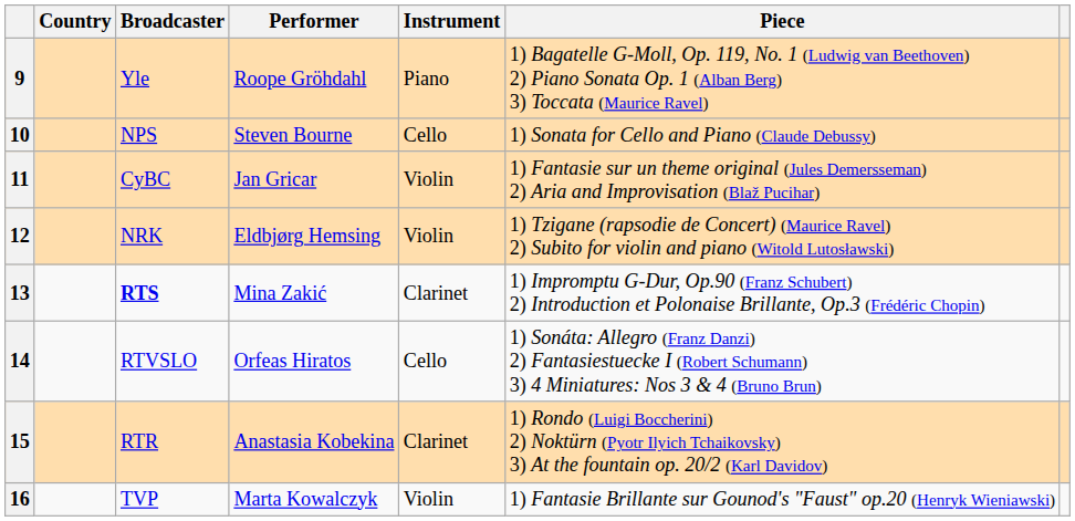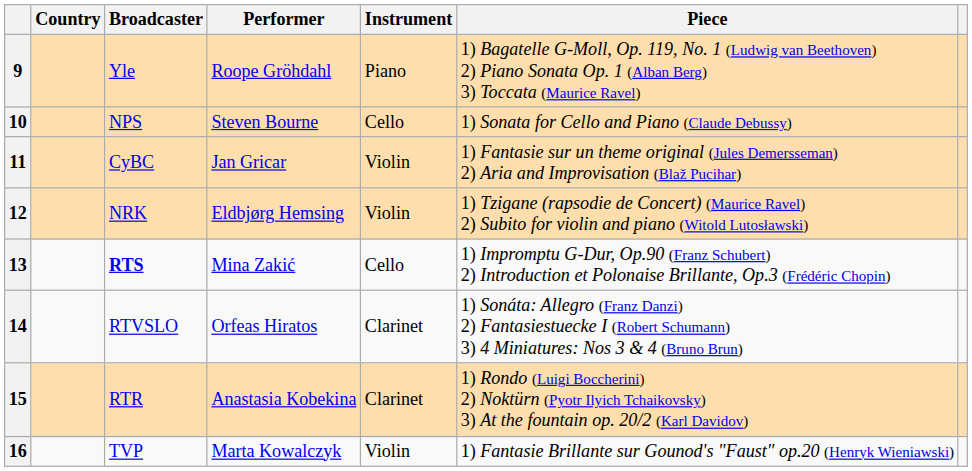 <table class="wikitable sortable plainrowheaders" style="font-size:95%;">
 <tr>
 <th scope="col"></th>
 <th>Country</th>
 <th>Broadcaster</th>
 <th>Performer</th>
 <th>Instrument</th>
 <th>Piece</th>
 <th></th>
 </tr>
 <tr bgcolor="#FFDEAD">
 <th scope="row" style="text-align:center;">9</th>
 <td></td>
 <td><a href='#'>Yle</a></td>
 <td><a href='#'>Roope Gröhdahl</a></td>
 <td>Piano</td>
 <td>1) <em>Bagatelle G-Moll, Op. 119, No. 1</em> <small>(<a href='#'>Ludwig van Beethoven</a>)</small><br>2) <em>Piano Sonata Op. 1</em> <small>(<a href='#'>Alban Berg</a>)</small><br>3) <em>Toccata</em> <small>(<a href='#'>Maurice Ravel</a>)</small></td>
 <td style="text-align:center;"><strong></strong></td>
 </tr>
 <tr bgcolor="#FFDEAD">
 <th scope="row" style="text-align:center;">10</th>
 <td></td>
 <td><a href='#'>NPS</a></td>
 <td><a href='#'>Steven Bourne</a></td>
 <td>Cello</td>
 <td>1) <em>Sonata for Cello and Piano</em> <small>(<a href='#'>Claude Debussy</a>)</small></td>
 <td style="text-align:center;"><strong></strong></td>
 </tr>
 <tr bgcolor="#FFDEAD">
 <th scope="row" style="text-align:center;">11</th>
 <td></td>
 <td><a href='#'>CyBC</a></td>
 <td><a href='#'>Jan Gricar</a></td>
 <td>Violin</td>
 <td>1) <em>Fantasie sur un theme original</em> <small>(<a href='#'>Jules Demersseman</a>)</small><br>2) <em>Aria and Improvisation</em> <small>(<a href='#'>Blaž Pucihar</a>)</small></td>
 <td style="text-align:center;"><strong></strong></td>
 </tr>
 <tr bgcolor="#FFDEAD">
 <th scope="row" style="text-align:center;">12</th>
 <td></td>
 <td><a href='#'>NRK</a></td>
 <td><a href='#'>Eldbjørg Hemsing</a></td>
 <td>Violin</td>
 <td>1) <em>Tzigane (rapsodie de Concert)</em> <small>(<a href='#'>Maurice Ravel</a>)</small><br>2) <em>Subito for violin and piano</em> <small>(<a href='#'>Witold Lutosławski</a>)</small></td>
 <td style="text-align:center;"><strong></strong></td>
 </tr>
 <tr>
 <th scope="row" style="text-align:center;">13</th>
 <td></td>
 <td><strong><a href='#'>RTS</a></strong></td>
 <td><a href='#'>Mina Zakić</a></td>
-<td>Clarinet</td>
+<td>Cello</td>
 <td>1) <em>Impromptu G-Dur, Op.90</em> <small>(<a href='#'>Franz Schubert</a>)</small><br>2) <em>Introduction et Polonaise Brillante, Op.3</em> <small>(<a href='#'>Frédéric Chopin</a>)</small></td>
 <td style="text-align:center;"><em></em></td>
 </tr>
 <tr>
 <th scope="row" style="text-align:center;">14</th>
 <td></td>
 <td><a href='#'>RTVSLO</a></td>
 <td><a href='#'>Orfeas Hiratos</a></td>
-<td>Cello</td>
+<td>Clarinet</td>
 <td>1) <em>Sonáta: Allegro</em> <small>(<a href='#'>Franz Danzi</a>)</small><br>2) <em>Fantasiestuecke I</em> <small>(<a href='#'>Robert Schumann</a>)</small><br>3) <em>4 Miniatures: Nos 3 & 4</em> <small>(<a href='#'>Bruno Brun</a>)</small></td>
 <td style="text-align:center;"><em></em></td>
 </tr>
 <tr bgcolor="#FFDEAD">
 <th scope="row" style="text-align:center;">15</th>
 <td></td>
 <td><a href='#'>RTR</a></td>
 <td><a href='#'>Anastasia Kobekina</a></td>
 <td>Clarinet</td>
 <td>1) <em>Rondo</em> <small>(<a href='#'>Luigi Boccherini</a>)</small><br>2) <em>Noktürn</em> <small>(<a href='#'>Pyotr Ilyich Tchaikovsky</a>)</small><br>3) <em>At the fountain op. 20/2</em> <small>(<a href='#'>Karl Davidov</a>)</small></td>
 <td style="text-align:center;"><strong></strong></td>
 </tr>
 <tr>
 <th scope="row" style="text-align:center;">16</th>
 <td></td>
 <td><a href='#'>TVP</a></td>
 <td><a href='#'>Marta Kowalczyk</a></td>
 <td>Violin</td>
 <td>1) <em>Fantasie Brillante sur Gounod's "Faust" op.20</em> <small>(<a href='#'>Henryk Wieniawski</a>)</small></td>
 <td style="text-align:center;"><em></em></td>
 </tr>
 </table>
